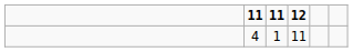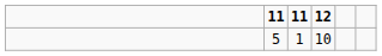 <table class="wikitable">
 <tr>
 <td style="width:18em"></td>
 <td align=center style="width:1em"><strong>11</strong></td>
 <td align=center style="width:1em"><strong>11</strong></td>
 <td align=center style="width:1em"><strong>12</strong></td>
 <td align=center style="width:1em"></td>
 <td align=center style="width:1em"></td>
 </tr>
 <tr>
 <td style="width:18em"></td>
-<td align=center style="width:1em">4</td>
+<td align=center style="width:1em">5</td>
 <td align=center style="width:1em">1</td>
-<td align=center style="width:1em">11</td>
+<td align=center style="width:1em">10</td>
 <td align=center style="width:1em"></td>
 <td align=center style="width:1em"></td>
 </tr>
 </table>
